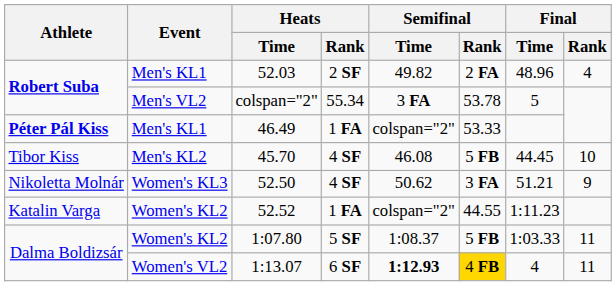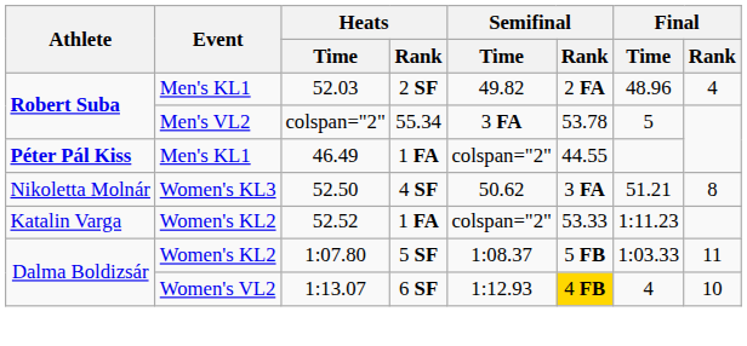 <table class="wikitable" style="font-size:90%">
 <tr>
 <th rowspan="2">Athlete</th>
 <th rowspan="2">Event</th>
 <th colspan="2">Heats</th>
 <th colspan="2">Semifinal</th>
 <th colspan="2">Final</th>
 </tr>
 <tr>
 <th>Time</th>
 <th>Rank</th>
 <th>Time</th>
 <th>Rank</th>
 <th>Time</th>
 <th>Rank</th>
 </tr>
 <tr align="center">
 <td rowspan="2" align="left"><strong><a href='#'>Robert Suba</a></strong></td>
 <td align=left><a href='#'>Men's KL1</a></td>
 <td>52.03</td>
 <td>2 <strong>SF</strong></td>
 <td>49.82</td>
 <td>2 <strong>FA</strong></td>
 <td>48.96</td>
 <td>4</td>
 </tr>
 <tr align="center">
 <td align=left><a href='#'>Men's VL2</a></td>
 <td>colspan="2" </td>
 <td>55.34</td>
 <td>3 <strong>FA</strong></td>
 <td>53.78</td>
 <td>5</td>
 </tr>
 <tr align="center">
 <td align=left><strong><a href='#'>Péter Pál Kiss</a></strong></td>
 <td align=left><a href='#'>Men's KL1</a></td>
 <td>46.49</td>
 <td>1 <strong>FA</strong></td>
 <td>colspan="2" </td>
-<td>53.33</td>
+<td>44.55</td>
 <td></td>
-</tr>
-<tr align="center">
-<td align=left><a href='#'>Tibor Kiss</a></td>
-<td align=left><a href='#'>Men's KL2</a></td>
-<td>45.70</td>
-<td>4 <strong>SF</strong></td>
-<td>46.08</td>
-<td>5 <strong>FB</strong></td>
-<td>44.45</td>
-<td>10</td>
 </tr>
 <tr align="center">
 <td align="left"><a href='#'>Nikoletta Molnár</a></td>
 <td align="left"><a href='#'>Women's KL3</a></td>
 <td>52.50</td>
 <td>4 <strong>SF</strong></td>
 <td>50.62</td>
 <td>3 <strong>FA</strong></td>
 <td>51.21</td>
-<td>9</td>
+<td>8</td>
 </tr>
 <tr align="center">
 <td align=left><a href='#'>Katalin Varga</a></td>
 <td align=left><a href='#'>Women's KL2</a></td>
 <td>52.52</td>
 <td>1 <strong>FA</strong></td>
 <td>colspan="2" </td>
-<td>44.55</td>
+<td>53.33</td>
 <td>1:11.23</td>
 </tr>
 <tr align="center">
 <td rowspan="2"><a href='#'>Dalma Boldizsár</a></td>
 <td><a href='#'>Women's KL2</a></td>
 <td>1:07.80</td>
 <td>5 <strong>SF</strong></td>
 <td>1:08.37</td>
 <td>5 <strong>FB</strong></td>
 <td>1:03.33</td>
 <td>11</td>
 </tr>
 <tr align="center">
 <td align="left"><a href='#'>Women's VL2</a></td>
 <td>1:13.07</td>
 <td>6 <strong>SF</strong></td>
-<td><strong>1:12.93</strong></td>
+<td>1:12.93</td>
 <td style="background: gold;">4 <strong>FB</strong></td>
 <td>4</td>
-<td>11</td>
+<td>10</td>
 </tr>
 </table>
